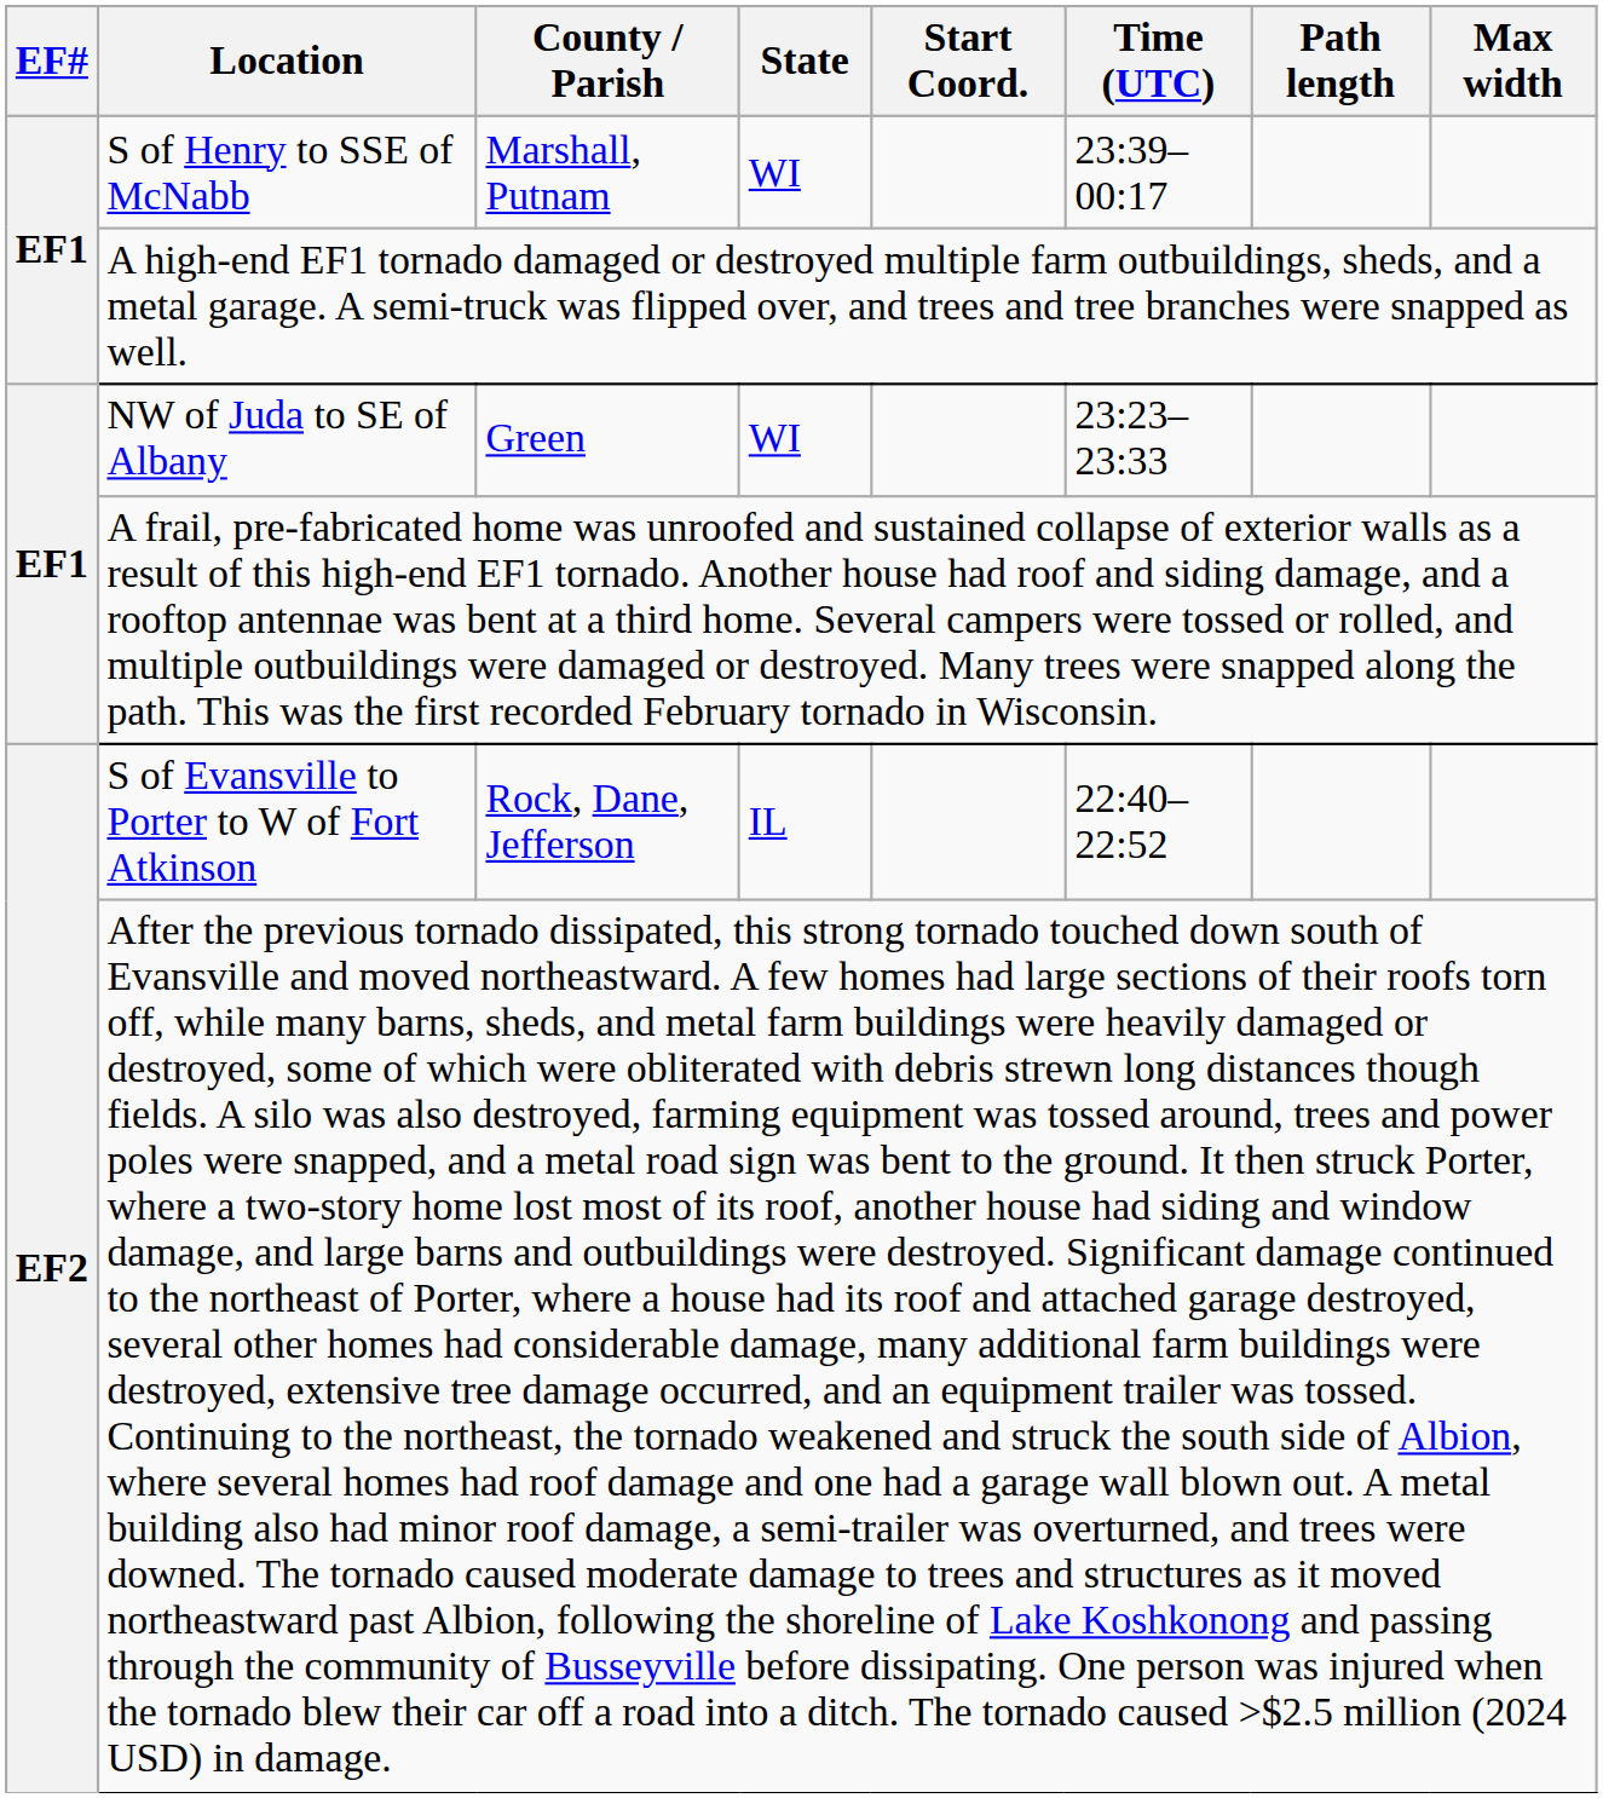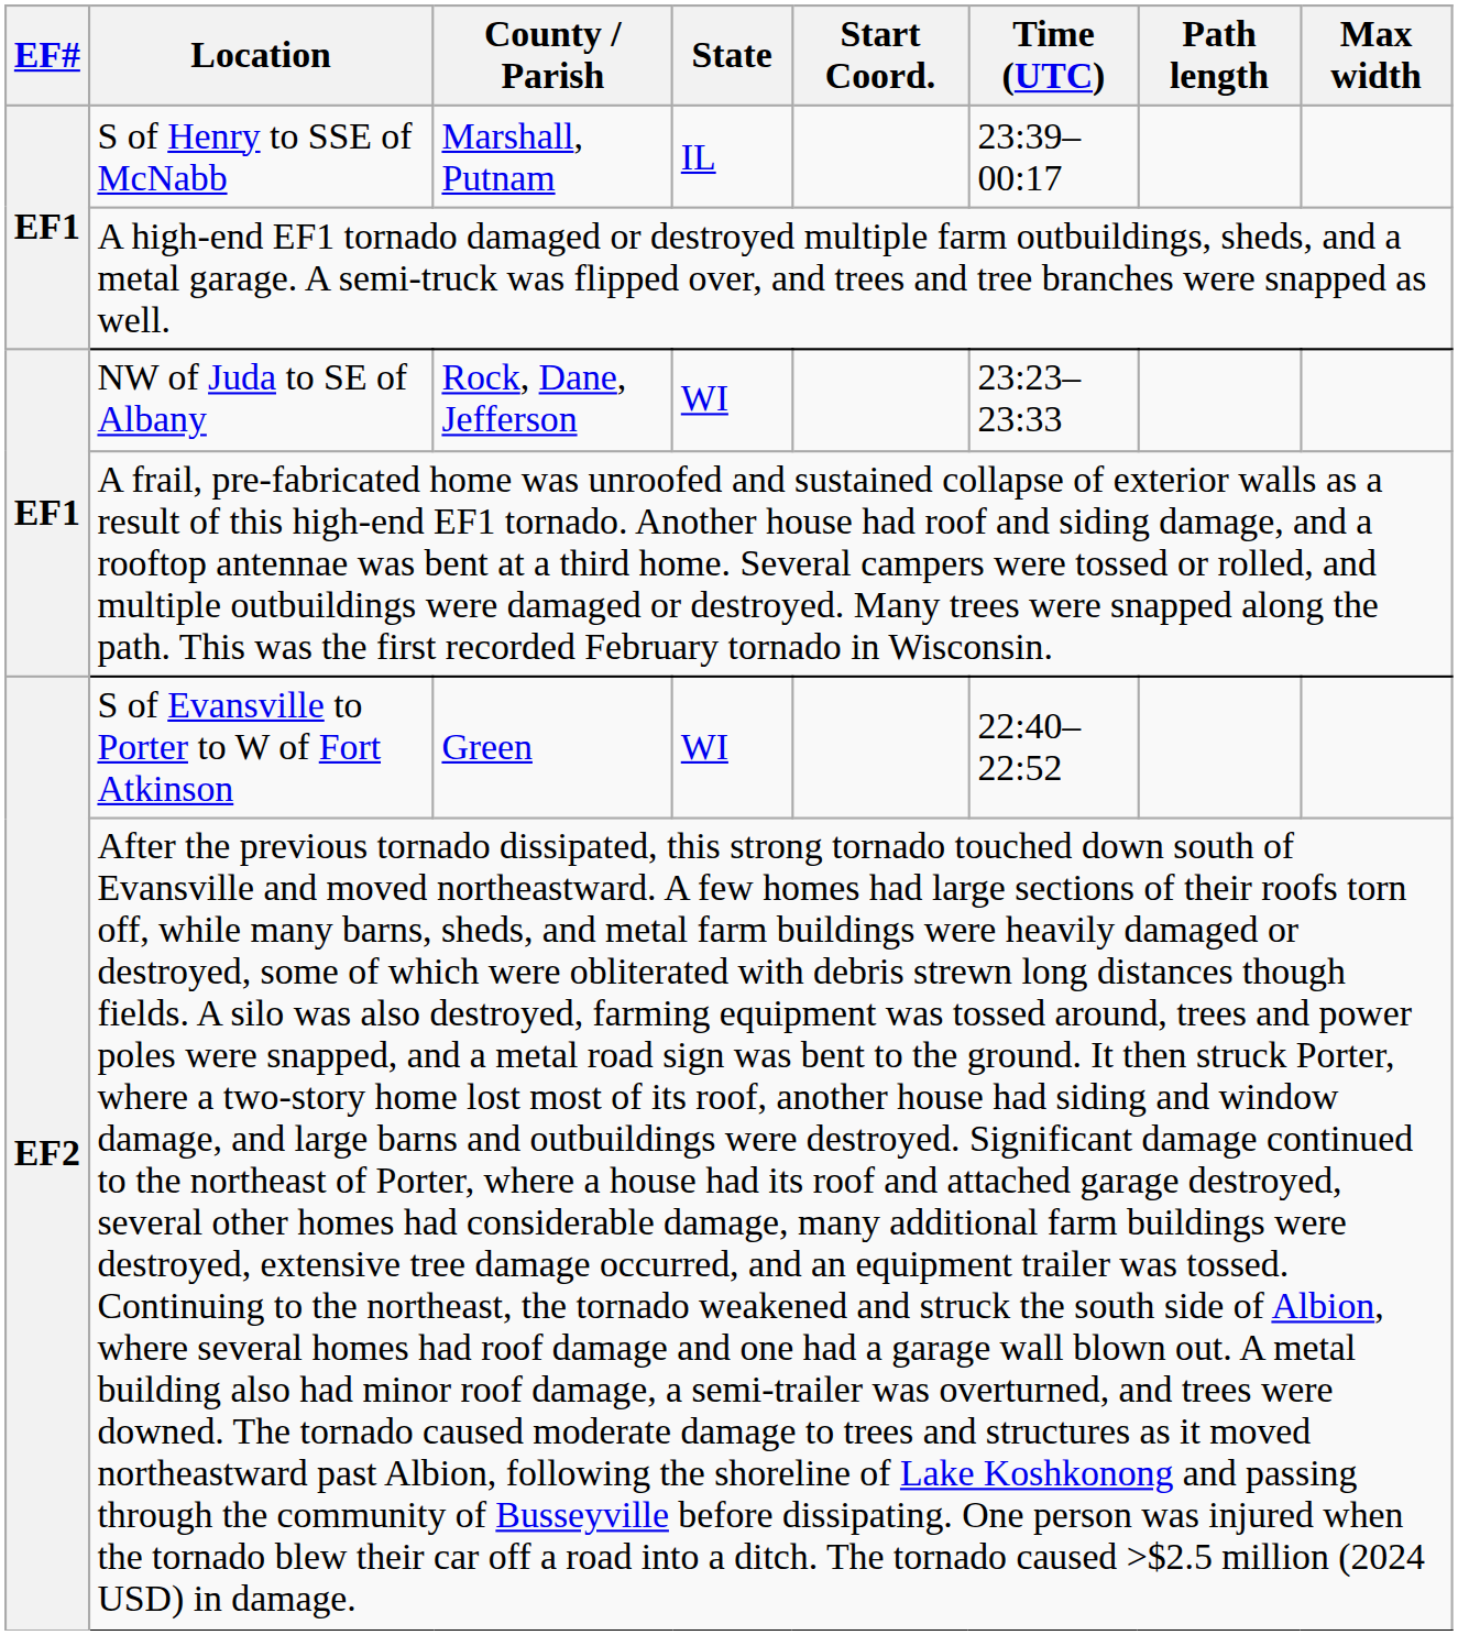 <table class="wikitable sortable" style="width:100%;">
 <tr>
 <th scope="col" width="2%" align="center"><a href='#'>EF#</a></th>
 <th scope="col" align="center" class="unsortable">Location</th>
 <th scope="col" align="center" class="unsortable">County / Parish</th>
 <th scope="col" align="center">State</th>
 <th scope="col" align="center">Start Coord.</th>
 <th scope="col" align="center">Time (<a href='#'>UTC</a>)</th>
 <th scope="col" align="center">Path length</th>
 <th scope="col" align="center">Max width</th>
 </tr>
 <tr>
 <th scope="row" rowspan="2" style="background-color:#">EF1</th>
 <td>S of <a href='#'>Henry</a> to SSE of <a href='#'>McNabb</a></td>
 <td><a href='#'>Marshall</a>, <a href='#'>Putnam</a></td>
-<td><a href='#'>WI</a></td>
+<td><a href='#'>IL</a></td>
 <td></td>
 <td>23:39–00:17</td>
 <td></td>
 <td></td>
 </tr>
 <tr class="expand-child">
 <td colspan="8" style=" border-bottom: 1px solid black;">A high-end EF1 tornado damaged or destroyed multiple farm outbuildings, sheds, and a metal garage. A semi-truck was flipped over, and trees and tree branches were snapped as well.</td>
 </tr>
 <tr>
 <th scope="row" rowspan="2" style="background-color:#">EF1</th>
 <td>NW of <a href='#'>Juda</a> to SE of <a href='#'>Albany</a></td>
-<td><a href='#'>Green</a></td>
+<td><a href='#'>Rock</a>, <a href='#'>Dane</a>, <a href='#'>Jefferson</a></td>
 <td><a href='#'>WI</a></td>
 <td></td>
 <td>23:23–23:33</td>
 <td></td>
 <td></td>
 </tr>
 <tr class="expand-child">
 <td colspan="8" style=" border-bottom: 1px solid black;">A frail, pre-fabricated home was unroofed and sustained collapse of exterior walls as a result of this high-end EF1 tornado. Another house had roof and siding damage, and a rooftop antennae was bent at a third home. Several campers were tossed or rolled, and multiple outbuildings were damaged or destroyed. Many trees were snapped along the path. This was the first recorded February tornado in Wisconsin.</td>
 </tr>
 <tr>
 <th scope="row" rowspan="2" style="background-color:#">EF2</th>
 <td>S of <a href='#'>Evansville</a> to <a href='#'>Porter</a> to W of <a href='#'>Fort Atkinson</a></td>
-<td><a href='#'>Rock</a>, <a href='#'>Dane</a>, <a href='#'>Jefferson</a></td>
-<td><a href='#'>IL</a></td>
+<td><a href='#'>Green</a></td>
+<td><a href='#'>WI</a></td>
 <td></td>
 <td>22:40–22:52</td>
 <td></td>
 <td></td>
 </tr>
 <tr class="expand-child">
 <td colspan="8" style=" border-bottom: 1px solid black;">After the previous tornado dissipated, this strong tornado touched down south of Evansville and moved northeastward. A few homes had large sections of their roofs torn off, while many barns, sheds, and metal farm buildings were heavily damaged or destroyed, some of which were obliterated with debris strewn long distances though fields. A silo was also destroyed, farming equipment was tossed around, trees and power poles were snapped, and a metal road sign was bent to the ground. It then struck Porter, where a two-story home lost most of its roof, another house had siding and window damage, and large barns and outbuildings were destroyed. Significant damage continued to the northeast of Porter, where a house had its roof and attached garage destroyed, several other homes had considerable damage, many additional farm buildings were destroyed, extensive tree damage occurred, and an equipment trailer was tossed. Continuing to the northeast, the tornado weakened and struck the south side of <a href='#'>Albion</a>, where several homes had roof damage and one had a garage wall blown out. A metal building also had minor roof damage, a semi-trailer was overturned, and trees were downed. The tornado caused moderate damage to trees and structures as it moved northeastward past Albion, following the shoreline of <a href='#'>Lake Koshkonong</a> and passing through the community of <a href='#'>Busseyville</a> before dissipating. One person was injured when the tornado blew their car off a road into a ditch. The tornado caused >$2.5 million (2024 USD) in damage.</td>
 </tr>
 </table>
